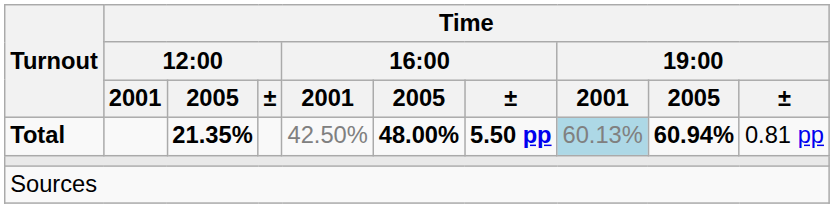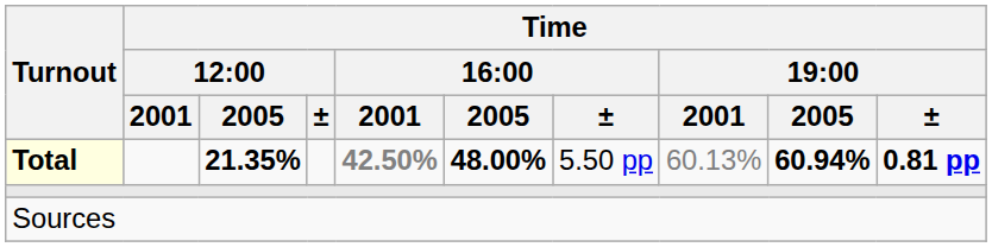 <table class="wikitable sortable" style="text-align:right;">
 <tr>
 <th rowspan="3">Turnout</th>
 <th colspan="9">Time</th>
 </tr>
 <tr>
 <th colspan="3">12:00</th>
 <th colspan="3">16:00</th>
 <th colspan="3">19:00</th>
 </tr>
 <tr>
 <th>2001</th>
 <th>2005</th>
 <th>±</th>
 <th>2001</th>
 <th>2005</th>
 <th>±</th>
 <th>2001</th>
 <th>2005</th>
 <th>±</th>
 </tr>
 <tr>
-<td align="left"><strong>Total</strong></td>
+<td align="left" style="background: lightyellow;"><strong>Total</strong></td>
 <td></td>
 <td><strong>21.35%</strong></td>
 <td></td>
-<td style="color:gray;">42.50%</td>
+<td style="color:gray;"><strong>42.50%</strong></td>
 <td><strong>48.00%</strong></td>
-<td><strong> 5.50 <a href='#'>pp</a></strong></td>
-<td style="background: lightblue; color:gray;">60.13%</td>
+<td> 5.50 <a href='#'>pp</a></td>
+<td style="color:gray;">60.13%</td>
 <td><strong>60.94%</strong></td>
-<td> 0.81 <a href='#'>pp</a></td>
+<td><strong> 0.81 <a href='#'>pp</a></strong></td>
 </tr>
 <tr>
 <td colspan="10" bgcolor="#E9E9E9"></td>
 </tr>
 <tr>
 <td align="left" colspan="10">Sources</td>
 </tr>
 </table>
